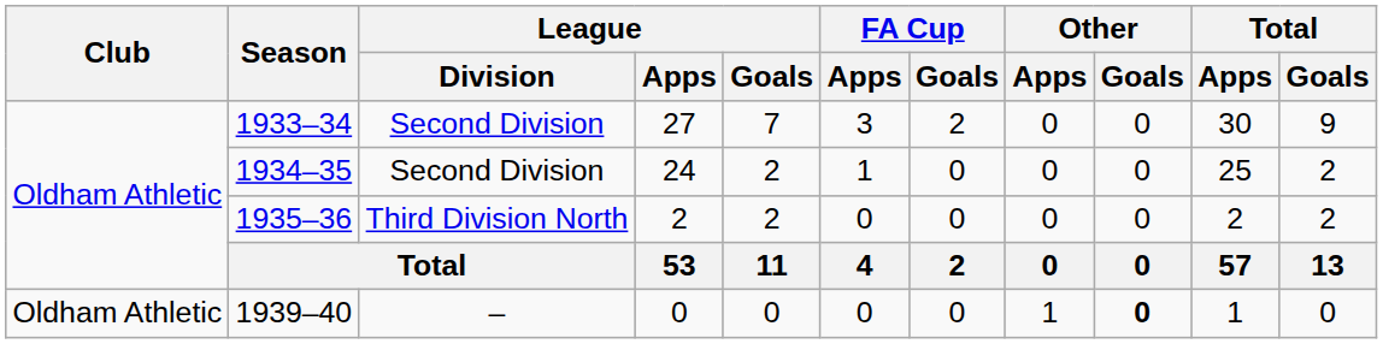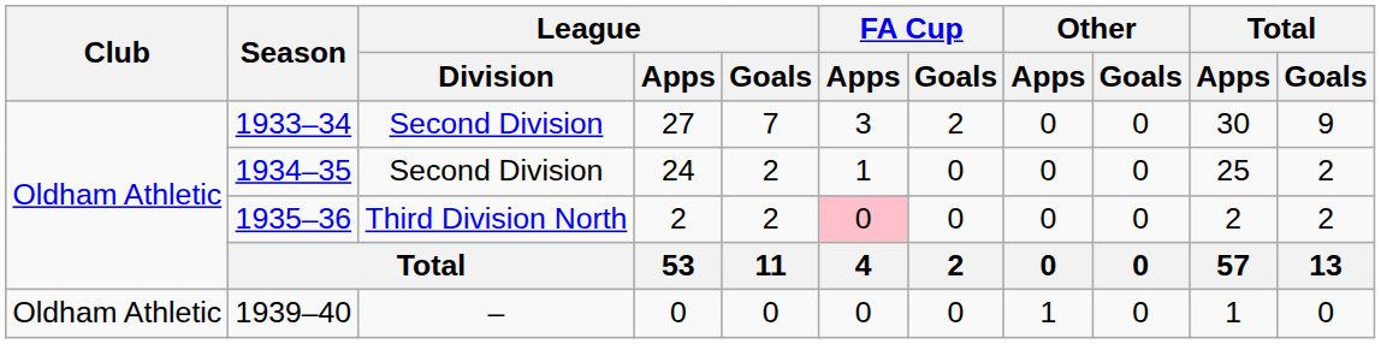 <table class="wikitable" style="text-align:center">
 <tr>
 <th rowspan="2">Club</th>
 <th rowspan="2">Season</th>
 <th colspan="3">League</th>
 <th colspan="2"><a href='#'>FA Cup</a></th>
 <th colspan="2">Other</th>
 <th colspan="2">Total</th>
 </tr>
 <tr>
 <th>Division</th>
 <th>Apps</th>
 <th>Goals</th>
 <th>Apps</th>
 <th>Goals</th>
 <th>Apps</th>
 <th>Goals</th>
 <th>Apps</th>
 <th>Goals</th>
 </tr>
 <tr>
 <td rowspan="4"><a href='#'>Oldham Athletic</a></td>
 <td><a href='#'>1933–34</a></td>
 <td><a href='#'>Second Division</a></td>
 <td>27</td>
 <td>7</td>
 <td>3</td>
 <td>2</td>
 <td>0</td>
 <td>0</td>
 <td>30</td>
 <td>9</td>
 </tr>
 <tr>
 <td><a href='#'>1934–35</a></td>
 <td>Second Division</td>
 <td>24</td>
 <td>2</td>
 <td>1</td>
 <td>0</td>
 <td>0</td>
 <td>0</td>
 <td>25</td>
 <td>2</td>
 </tr>
 <tr>
 <td><a href='#'>1935–36</a></td>
 <td><a href='#'>Third Division North</a></td>
 <td>2</td>
 <td>2</td>
-<td>0</td>
+<td style="background: pink;">0</td>
 <td>0</td>
 <td>0</td>
 <td>0</td>
 <td>2</td>
 <td>2</td>
 </tr>
 <tr>
 <th colspan="2">Total</th>
 <th>53</th>
 <th>11</th>
 <th>4</th>
 <th>2</th>
 <th>0</th>
 <th>0</th>
 <th>57</th>
 <th>13</th>
 </tr>
 <tr>
 <td>Oldham Athletic</td>
 <td>1939–40</td>
 <td>–</td>
 <td>0</td>
 <td>0</td>
 <td>0</td>
 <td>0</td>
 <td>1</td>
-<td><strong>0</strong></td>
+<td>0</td>
 <td>1</td>
 <td>0</td>
 </tr>
 </table>
